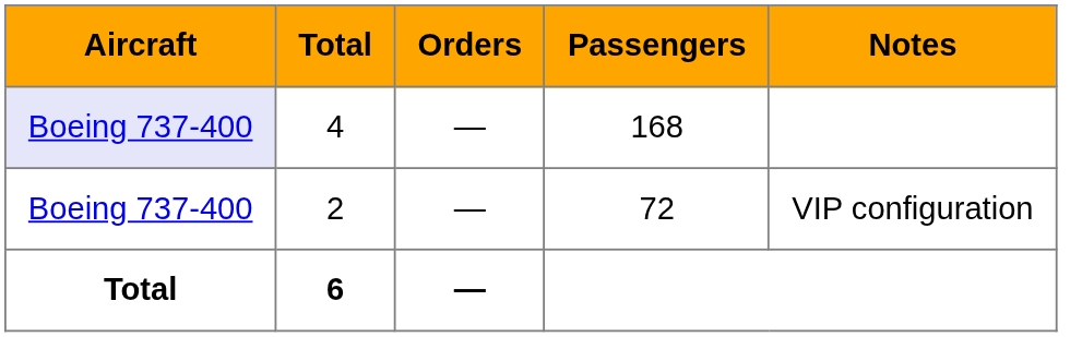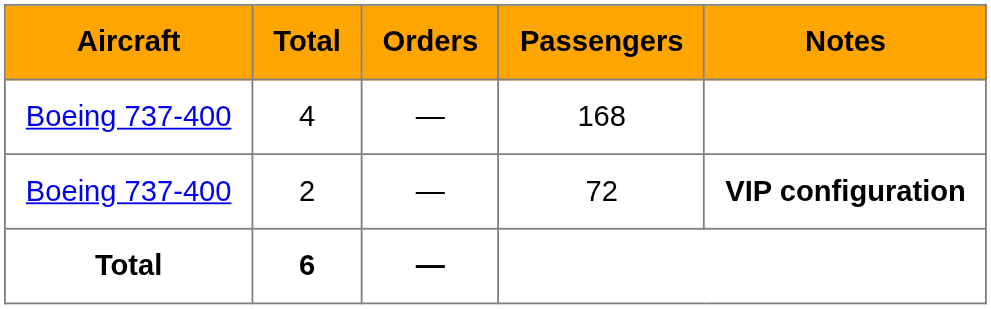 <table class="toccolours" border="1" cellpadding="11" style="border-collapse:collapse; text-align:center">
 <tr style="background:orange">
 <th>Aircraft</th>
 <th>Total</th>
 <th>Orders</th>
 <th>Passengers</th>
 <th>Notes</th>
 </tr>
 <tr>
-<td style="background: lavender;"><a href='#'>Boeing 737-400</a></td>
+<td><a href='#'>Boeing 737-400</a></td>
 <td>4</td>
 <td>—</td>
 <td>168</td>
 <td></td>
 </tr>
 <tr>
 <td><a href='#'>Boeing 737-400</a></td>
 <td>2</td>
 <td>—</td>
 <td>72</td>
-<td>VIP configuration</td>
+<td><strong>VIP configuration</strong></td>
 </tr>
 <tr>
 <th>Total</th>
 <th>6</th>
 <th>—</th>
 <th colspan="6"></th>
 </tr>
 </table>
